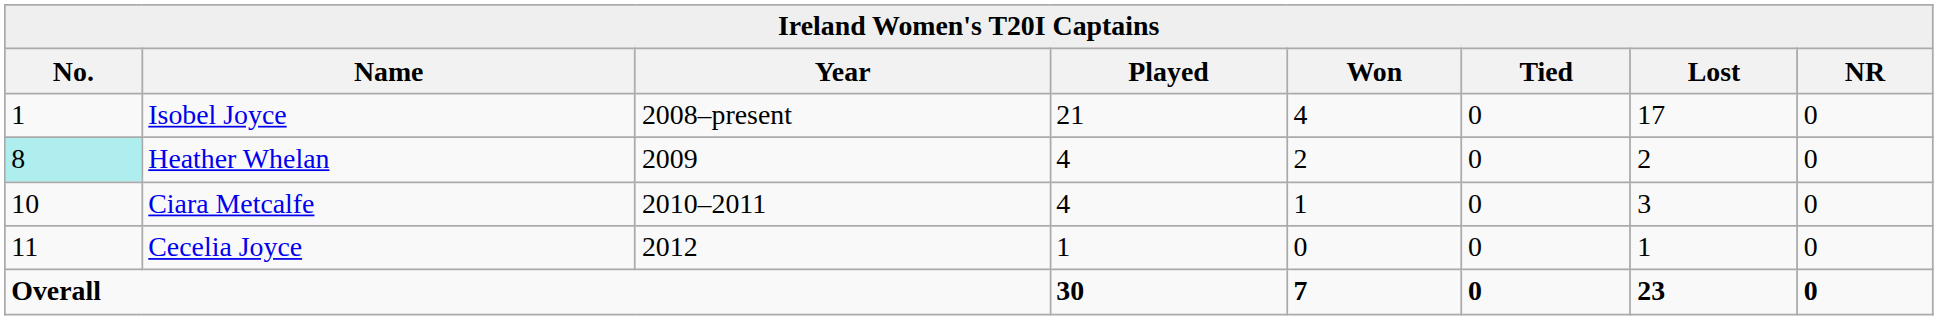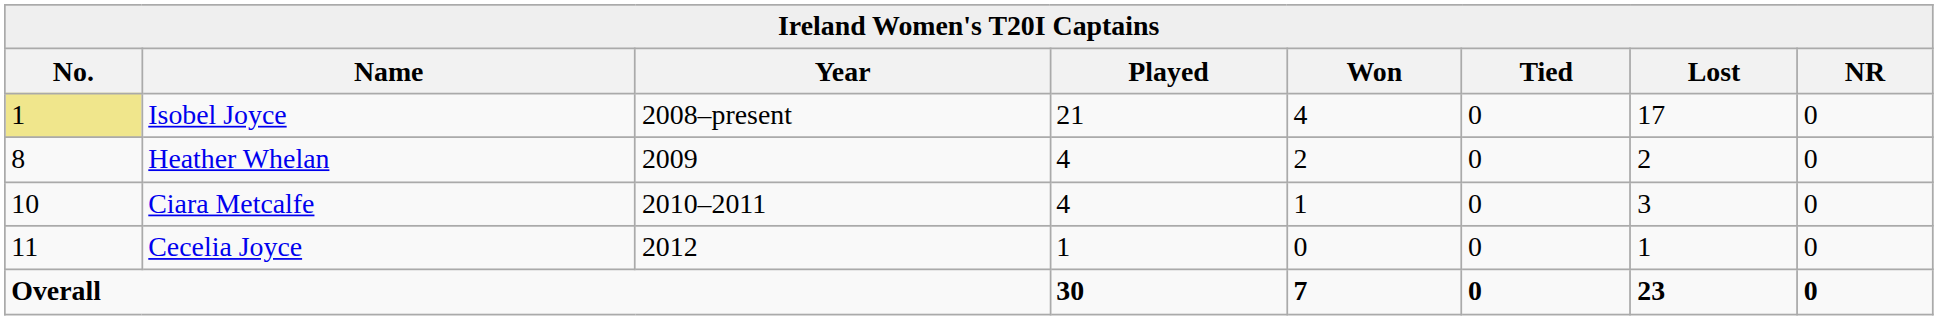 <table class="wikitable" style="width:70%;">
 <tr>
 <th style="background:#efefef;" colspan="9">Ireland Women's T20I Captains</th>
 </tr>
 <tr style="background:#efefef;">
 <th>No.</th>
 <th>Name</th>
 <th>Year</th>
 <th>Played</th>
 <th>Won</th>
 <th>Tied</th>
 <th>Lost</th>
 <th>NR</th>
 </tr>
 <tr>
-<td>1</td>
+<td style="background: khaki;">1</td>
 <td><a href='#'>Isobel Joyce</a></td>
 <td>2008–present</td>
 <td>21</td>
 <td>4</td>
 <td>0</td>
 <td>17</td>
 <td>0</td>
 </tr>
 <tr>
-<td style="background: paleturquoise;">8</td>
+<td>8</td>
 <td><a href='#'>Heather Whelan</a></td>
 <td>2009</td>
 <td>4</td>
 <td>2</td>
 <td>0</td>
 <td>2</td>
 <td>0</td>
 </tr>
 <tr>
 <td>10</td>
 <td><a href='#'>Ciara Metcalfe</a></td>
 <td>2010–2011</td>
 <td>4</td>
 <td>1</td>
 <td>0</td>
 <td>3</td>
 <td>0</td>
 </tr>
 <tr>
 <td>11</td>
 <td><a href='#'>Cecelia Joyce</a></td>
 <td>2012</td>
 <td>1</td>
 <td>0</td>
 <td>0</td>
 <td>1</td>
 <td>0</td>
 </tr>
 <tr>
 <td colspan=3><strong>Overall</strong></td>
 <td><strong>30</strong></td>
 <td><strong>7</strong></td>
 <td><strong>0</strong></td>
 <td><strong>23</strong></td>
 <td><strong>0</strong></td>
 </tr>
 </table>
